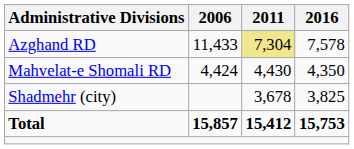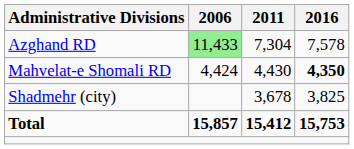 <table class="wikitable">
 <tr>
 <th>Administrative Divisions</th>
 <th>2006</th>
 <th>2011</th>
 <th>2016</th>
 </tr>
 <tr>
 <td><a href='#'>Azghand RD</a></td>
-<td style="text-align: right;">11,433</td>
-<td style="background: khaki; text-align: right;">7,304</td>
+<td style="background: lightgreen; text-align: right;">11,433</td>
+<td style="text-align: right;">7,304</td>
 <td style="text-align: right;">7,578</td>
 </tr>
 <tr>
 <td><a href='#'>Mahvelat-e Shomali RD</a></td>
 <td style="text-align: right;">4,424</td>
 <td style="text-align: right;">4,430</td>
-<td style="text-align: right;">4,350</td>
+<td style="text-align: right;"><strong>4,350</strong></td>
 </tr>
 <tr>
 <td><a href='#'>Shadmehr</a> (city)</td>
 <td style="text-align: right;"></td>
 <td style="text-align: right;">3,678</td>
 <td style="text-align: right;">3,825</td>
 </tr>
 <tr>
 <td><strong>Total</strong></td>
 <td style="text-align: right;"><strong>15,857</strong></td>
 <td style="text-align: right;"><strong>15,412</strong></td>
 <td style="text-align: right;"><strong>15,753</strong></td>
 </tr>
 <tr>
 <td colspan=4></td>
 </tr>
 </table>
